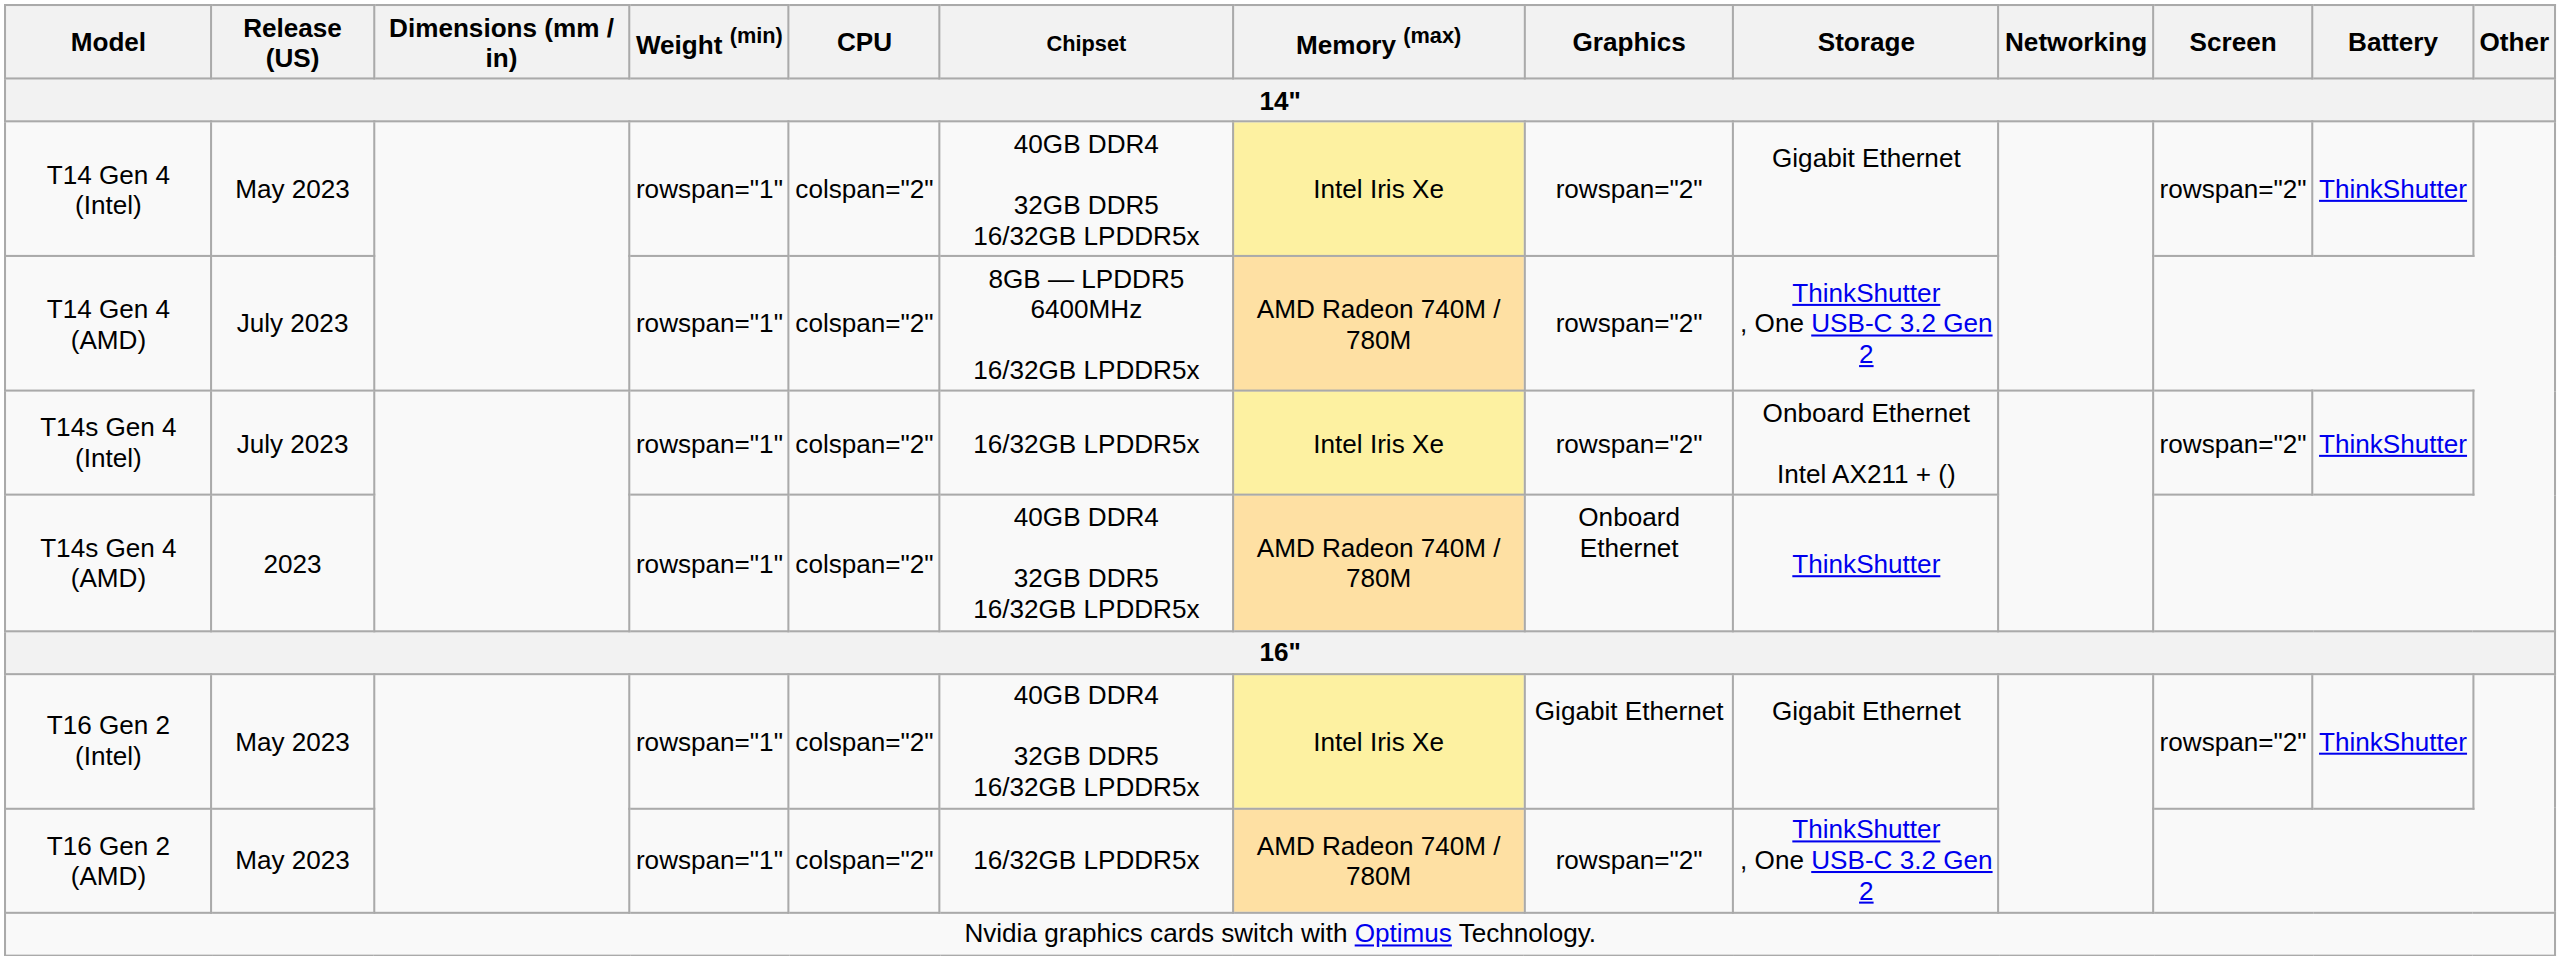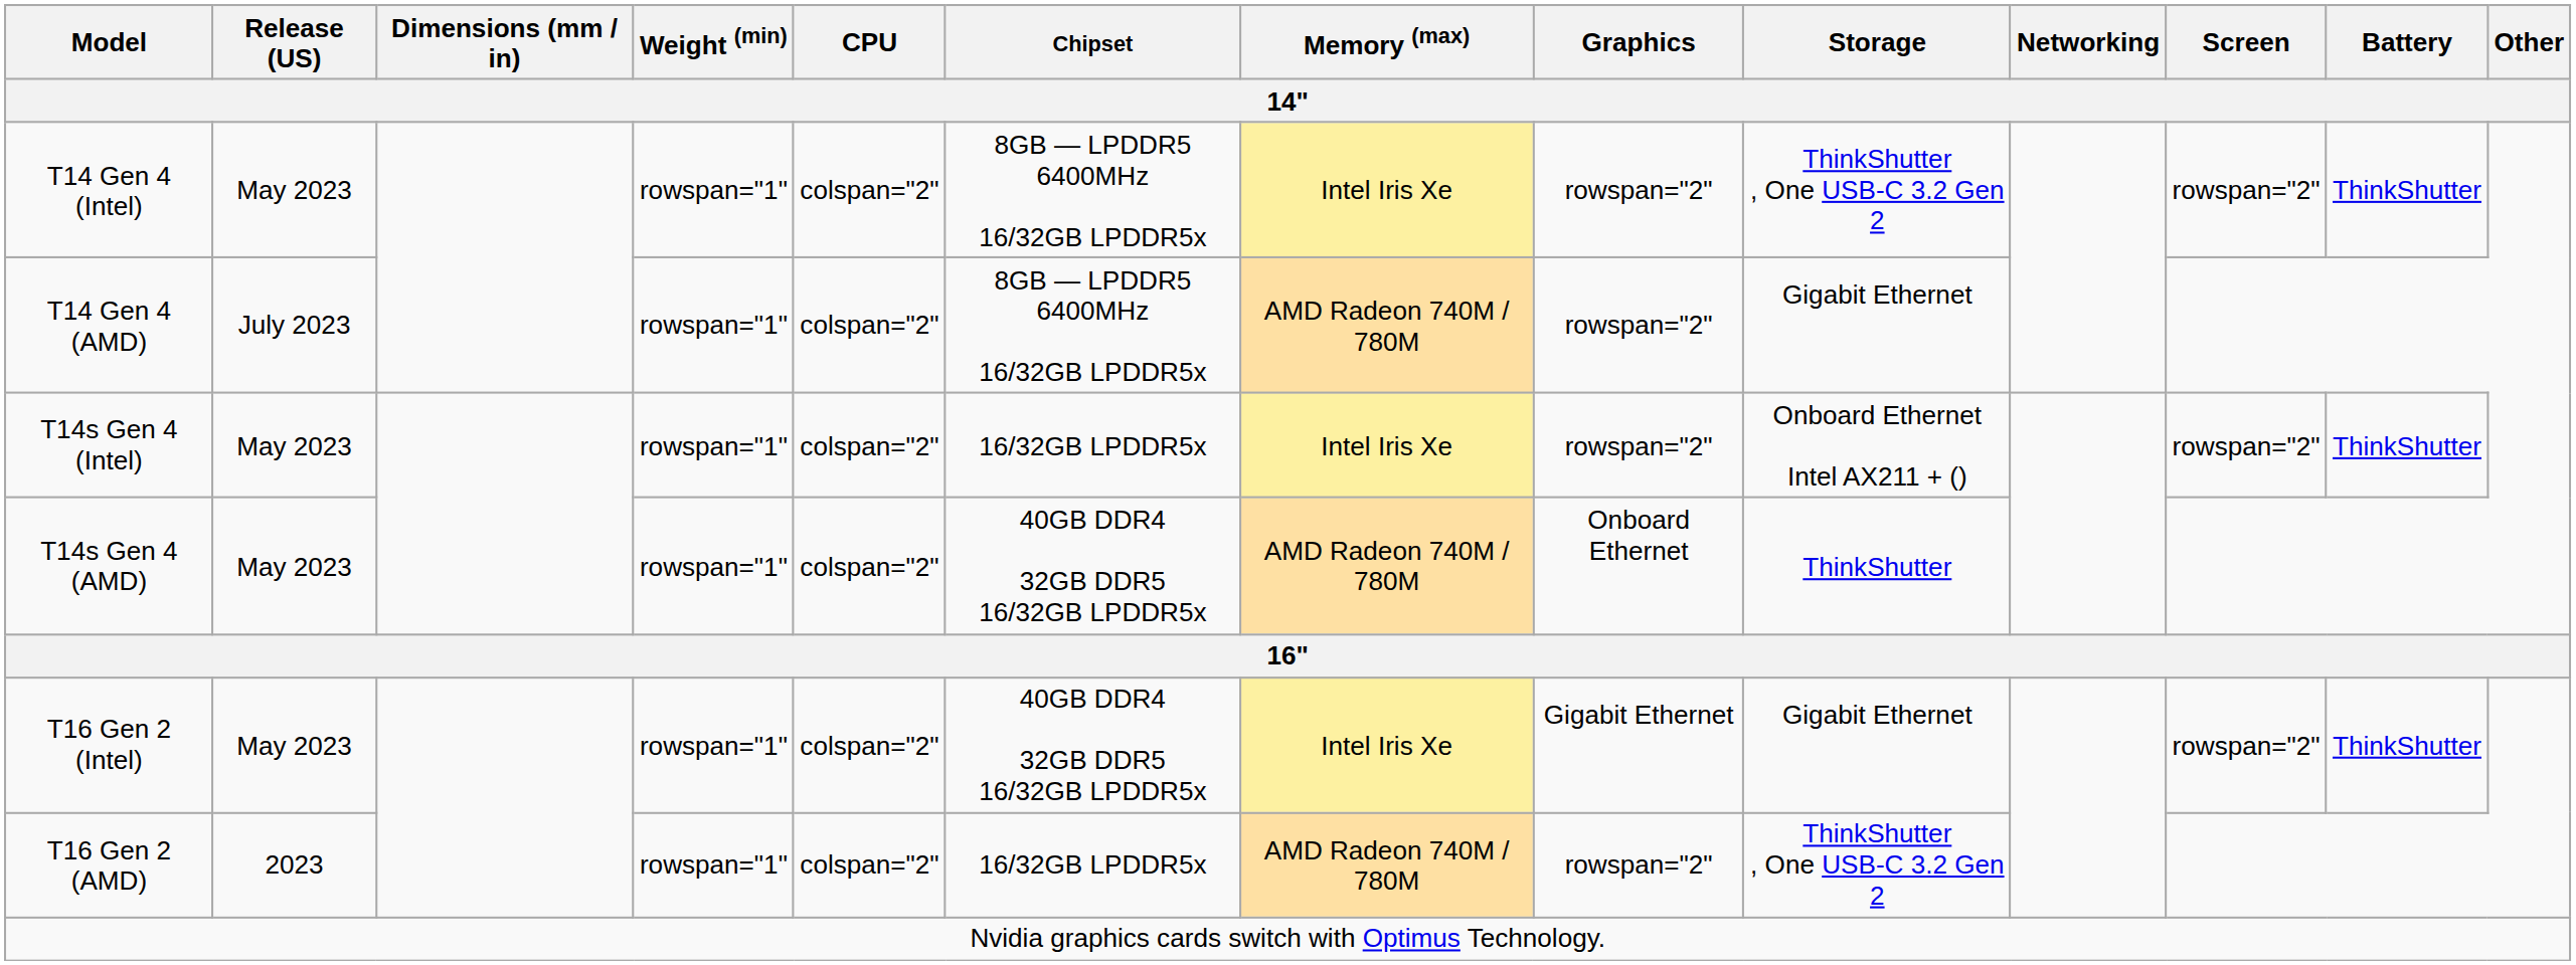 <table class="wikitable" style="font-size: 80%; text-align: center; min-width: 80%;">
 <tr>
 <th>Model</th>
 <th>Release (US)</th>
 <th>Dimensions (mm / in)</th>
 <th>Weight <sup>(min)</sup></th>
 <th>CPU</th>
 <th><small>Chipset</small></th>
 <th>Memory <sup>(max)</sup></th>
 <th>Graphics</th>
 <th>Storage</th>
 <th>Networking</th>
 <th>Screen</th>
 <th>Battery</th>
 <th>Other</th>
 </tr>
 <tr>
 <th colspan="13">14"</th>
 </tr>
 <tr>
 <td>T14 Gen 4 (Intel)</td>
 <td>May 2023</td>
 <td rowspan="2"></td>
 <td>rowspan="1" </td>
 <td>colspan="2" </td>
-<td style="background:">40GB DDR4 <br><br>32GB DDR5 <br> 16/32GB LPDDR5x <br></td>
+<td style="background:">8GB — LPDDR5 6400MHz<br><br>16/32GB LPDDR5x <br></td>
 <td style="background:#fdf1a1;">Intel Iris Xe<br></td>
 <td>rowspan="2" </td>
-<td>Gigabit Ethernet<br><br> <br><small></small></td>
+<td><a href='#'>ThinkShutter</a><br>, One <a href='#'>USB-C 3.2 Gen 2</a> </td>
 <td rowspan="2" style="background:">  <br><br> <br>  <br>  <br>  <br>  </td>
 <td>rowspan="2" </td>
 <td><a href='#'>ThinkShutter</a><br></td>
 </tr>
 <tr>
 <td>T14 Gen 4 (AMD)</td>
 <td>July 2023</td>
 <td>rowspan="1" </td>
 <td>colspan="2" </td>
 <td style="background:">8GB — LPDDR5 6400MHz<br><br>16/32GB LPDDR5x <br></td>
 <td style="background:#fee0a3;">AMD Radeon 740M / 780M</td>
 <td>rowspan="2" </td>
-<td><a href='#'>ThinkShutter</a><br>, One <a href='#'>USB-C 3.2 Gen 2</a> </td>
+<td>Gigabit Ethernet<br><br> <br><small></small></td>
 </tr>
 <tr>
 <td>T14s Gen 4 (Intel)</td>
-<td>July 2023</td>
+<td>May 2023</td>
 <td rowspan="2"></td>
 <td>rowspan="1" </td>
 <td>colspan="2" </td>
 <td style="background:">16/32GB LPDDR5x <br></td>
 <td style="background:#fdf1a1;">Intel Iris Xe</td>
 <td>rowspan="2" </td>
 <td> Onboard Ethernet<br><br>Intel  AX211 +  ()<br><small></small></td>
 <td rowspan="2" style="background:">  <br><br> <br>  <br>  <br>  <br>  </td>
 <td>rowspan="2" </td>
 <td><a href='#'>ThinkShutter</a><br></td>
 </tr>
 <tr>
 <td>T14s Gen 4 (AMD)</td>
-<td>2023</td>
+<td>May 2023</td>
 <td>rowspan="1" </td>
 <td>colspan="2" </td>
 <td style="background:">40GB DDR4 <br><br>32GB DDR5 <br> 16/32GB LPDDR5x <br></td>
 <td style="background:#fee0a3;">AMD Radeon 740M / 780M</td>
 <td> Onboard Ethernet<br><br><br><small></small></td>
 <td><a href='#'>ThinkShutter</a><br></td>
 </tr>
 <tr>
 <th colspan="13">16"</th>
 </tr>
 <tr>
 <td>T16 Gen 2 (Intel)</td>
 <td>May 2023</td>
 <td rowspan="2"></td>
 <td>rowspan="1" </td>
 <td>colspan="2" </td>
 <td style="background:">40GB DDR4 <br><br>32GB DDR5 <br> 16/32GB LPDDR5x <br></td>
 <td style="background:#fdf1a1;">Intel Iris Xe<br></td>
 <td>Gigabit Ethernet<br><br><br><small></small></td>
 <td>Gigabit Ethernet<br><br> <br><small></small></td>
 <td rowspan="2" style="background:">  <br><br> <br>  <br>  </td>
 <td>rowspan="2" </td>
 <td><a href='#'>ThinkShutter</a><br></td>
 </tr>
 <tr>
 <td>T16 Gen 2 (AMD)</td>
-<td>May 2023</td>
+<td>2023</td>
 <td>rowspan="1" </td>
 <td>colspan="2" </td>
 <td style="background:">16/32GB LPDDR5x <br></td>
 <td style="background:#fee0a3;">AMD Radeon 740M / 780M</td>
 <td>rowspan="2" </td>
 <td><a href='#'>ThinkShutter</a><br>, One <a href='#'>USB-C 3.2 Gen 2</a> </td>
 </tr>
 <tr>
 <td colspan="13">Nvidia graphics cards switch with <a href='#'>Optimus</a> Technology.</td>
 </tr>
 </table>
